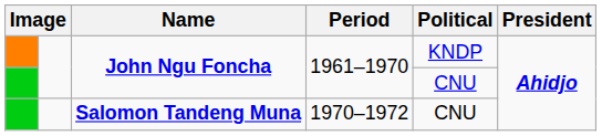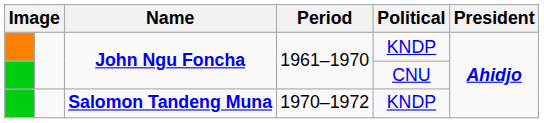 <table class="wikitable" style="text-align:center">
 <tr>
 <th colspan="2">Image</th>
 <th>Name</th>
 <th>Period</th>
 <th>Political</th>
 <th>President</th>
 </tr>
 <tr>
 <td style="background:#FF8000;"></td>
 <td rowspan="2"></td>
 <td rowspan="2"><strong><a href='#'>John Ngu Foncha</a></strong> </td>
 <td rowspan="2">1961–1970</td>
 <td><a href='#'>KNDP</a> </td>
 <td rowspan="3"><strong><em><a href='#'>Ahidjo</a></em></strong></td>
 </tr>
 <tr>
 <td style="background:#00CD12;"></td>
 <td><a href='#'>CNU</a> </td>
 </tr>
 <tr>
 <td style="background:#00CD12;"></td>
 <td></td>
 <td><strong><a href='#'>Salomon Tandeng Muna</a></strong> </td>
 <td>1970–1972</td>
-<td>CNU</td>
+<td><a href='#'>KNDP</a> </td>
 </tr>
 </table>
